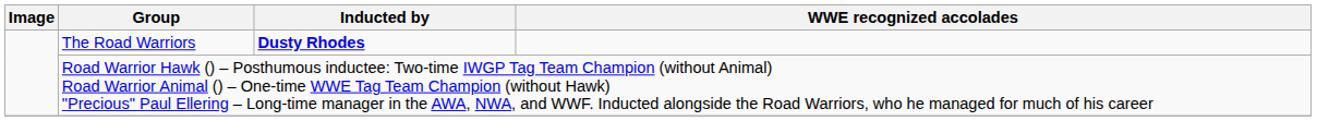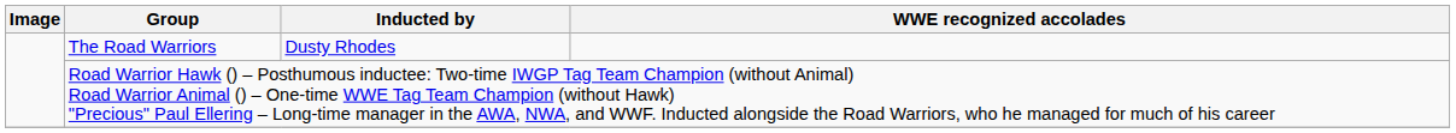 <table class="wikitable" style="font-size: 95%">
 <tr>
 <th style="width:1%;">Image</th>
 <th style="width:15%;">Group</th>
 <th style="width:20%;">Inducted by</th>
 <th class="unsortable">WWE recognized accolades</th>
 </tr>
 <tr>
 <td rowspan=2></td>
 <td><a href='#'>The Road Warriors</a></td>
-<td><strong><a href='#'>Dusty Rhodes</a></strong></td>
+<td><a href='#'>Dusty Rhodes</a></td>
 <td></td>
 </tr>
 <tr>
 <td colspan=4><a href='#'>Road Warrior Hawk</a> () – Posthumous inductee: Two-time <a href='#'>IWGP Tag Team Champion</a> (without Animal)<br><a href='#'>Road Warrior Animal</a> () – One-time <a href='#'>WWE Tag Team Champion</a> (without Hawk) <br> <a href='#'>"Precious" Paul Ellering</a> – Long-time manager in the <a href='#'>AWA</a>, <a href='#'>NWA</a>, and WWF. Inducted alongside the Road Warriors, who he managed for much of his career</td>
 </tr>
 <tr>
 </tr>
 </table>
